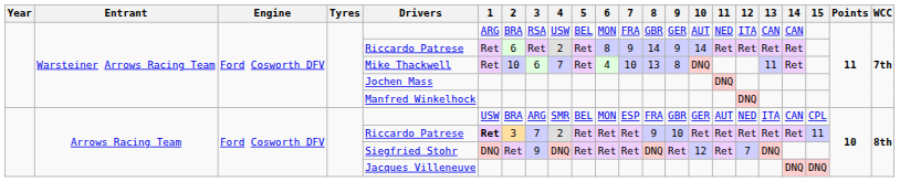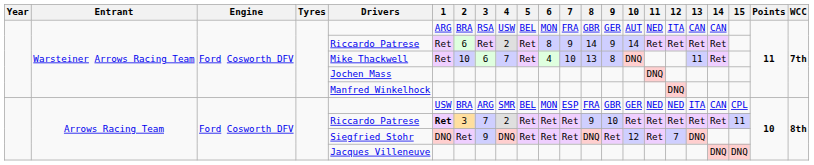 <table class="wikitable" style="text-align:center; font-size:90%">
 <tr>
 <th>Year</th>
 <th>Entrant</th>
 <th>Engine</th>
 <th>Tyres</th>
 <th>Drivers</th>
 <th>1</th>
 <th>2</th>
 <th>3</th>
 <th>4</th>
 <th>5</th>
 <th>6</th>
 <th>7</th>
 <th>8</th>
 <th>9</th>
 <th>10</th>
 <th>11</th>
 <th>12</th>
 <th>13</th>
 <th>14</th>
 <th>15</th>
 <th>Points</th>
 <th>WCC</th>
 </tr>
 <tr>
 <td rowspan="5"></td>
 <td rowspan="5"><a href='#'>Warsteiner</a>  <a href='#'>Arrows Racing Team</a></td>
 <td rowspan="5"><a href='#'>Ford</a> <a href='#'>Cosworth DFV</a></td>
 <td rowspan="5"></td>
 <td></td>
 <td><a href='#'>ARG</a></td>
 <td><a href='#'>BRA</a></td>
 <td><a href='#'>RSA</a></td>
 <td><a href='#'>USW</a></td>
 <td><a href='#'>BEL</a></td>
 <td><a href='#'>MON</a></td>
 <td><a href='#'>FRA</a></td>
 <td><a href='#'>GBR</a></td>
 <td><a href='#'>GER</a></td>
 <td><a href='#'>AUT</a></td>
 <td><a href='#'>NED</a></td>
 <td><a href='#'>ITA</a></td>
 <td><a href='#'>CAN</a></td>
 <td><a href='#'>CAN</a></td>
 <td></td>
 <td rowspan="5"><strong>11</strong></td>
 <td rowspan="5"><strong>7th</strong></td>
 </tr>
 <tr>
 <td align="left"><a href='#'>Riccardo Patrese</a></td>
 <td style="background:#EFCFFF;">Ret</td>
 <td style="background:#DFFFDF;">6</td>
 <td style="background:#EFCFFF;">Ret</td>
 <td style="background:#DFDFDF;">2</td>
 <td style="background:#EFCFFF;">Ret</td>
 <td style="background:#CFCFFF;">8</td>
 <td style="background:#CFCFFF;">9</td>
 <td style="background:#CFCFFF;">14</td>
 <td style="background:#CFCFFF;">9</td>
 <td style="background:#CFCFFF;">14</td>
 <td style="background:#EFCFFF;">Ret</td>
 <td style="background:#EFCFFF;">Ret</td>
 <td style="background:#EFCFFF;">Ret</td>
 <td style="background:#EFCFFF;">Ret</td>
 <td></td>
 </tr>
 <tr>
 <td align="left"><a href='#'>Mike Thackwell</a></td>
 <td style="background:#EFCFFF;">Ret</td>
 <td style="background:#CFCFFF;">10</td>
 <td style="background:#DFFFDF;">6</td>
 <td style="background:#CFCFFF;">7</td>
 <td style="background:#EFCFFF;">Ret</td>
 <td style="background:#DFFFDF;">4</td>
 <td style="background:#CFCFFF;">10</td>
 <td style="background:#CFCFFF;">13</td>
 <td style="background:#CFCFFF;">8</td>
 <td style="background:#FFCFCF;">DNQ</td>
 <td></td>
 <td></td>
 <td style="background:#CFCFFF;">11</td>
 <td style="background:#EFCFFF;">Ret</td>
 <td></td>
 </tr>
 <tr>
 <td align="left"><a href='#'>Jochen Mass</a></td>
 <td></td>
 <td></td>
 <td></td>
 <td></td>
 <td></td>
 <td></td>
 <td></td>
 <td></td>
 <td></td>
 <td></td>
 <td style="background:#FFCFCF;">DNQ</td>
 <td></td>
 <td></td>
 <td></td>
 <td></td>
 </tr>
 <tr>
 <td align="left"><a href='#'>Manfred Winkelhock</a></td>
 <td></td>
 <td></td>
 <td></td>
 <td></td>
 <td></td>
 <td></td>
 <td></td>
 <td></td>
 <td></td>
 <td></td>
 <td></td>
 <td style="background:#FFCFCF;">DNQ</td>
 <td></td>
 <td></td>
 <td></td>
 </tr>
 <tr>
 <td rowspan="4"></td>
 <td rowspan="4"><a href='#'>Arrows Racing Team</a></td>
 <td rowspan="4"><a href='#'>Ford</a> <a href='#'>Cosworth DFV</a></td>
 <td rowspan="4"><br></td>
 <td></td>
 <td><a href='#'>USW</a></td>
 <td><a href='#'>BRA</a></td>
 <td><a href='#'>ARG</a></td>
 <td><a href='#'>SMR</a></td>
 <td><a href='#'>BEL</a></td>
 <td><a href='#'>MON</a></td>
 <td><a href='#'>ESP</a></td>
 <td><a href='#'>FRA</a></td>
 <td><a href='#'>GBR</a></td>
 <td><a href='#'>GER</a></td>
-<td><a href='#'>AUT</a></td>
+<td><a href='#'>NED</a></td>
 <td><a href='#'>NED</a></td>
 <td><a href='#'>ITA</a></td>
 <td><a href='#'>CAN</a></td>
 <td><a href='#'>CPL</a></td>
 <td rowspan="4"><strong>10</strong></td>
 <td rowspan="4"><strong>8th</strong></td>
 </tr>
 <tr>
 <td align="left"><a href='#'>Riccardo Patrese</a></td>
 <td style="background:#EFCFFF;"><strong>Ret</strong></td>
 <td style="background:#FFDF9F;">3</td>
 <td style="background:#CFCFFF;">7</td>
 <td style="background:#DFDFDF;">2</td>
 <td style="background:#EFCFFF;">Ret</td>
 <td style="background:#EFCFFF;">Ret</td>
 <td style="background:#EFCFFF;">Ret</td>
 <td style="background:#CFCFFF;">9</td>
 <td style="background:#CFCFFF;">10</td>
 <td style="background:#EFCFFF;">Ret</td>
 <td style="background:#EFCFFF;">Ret</td>
 <td style="background:#EFCFFF;">Ret</td>
 <td style="background:#EFCFFF;">Ret</td>
 <td style="background:#EFCFFF;">Ret</td>
 <td style="background:#CFCFFF;">11</td>
 </tr>
 <tr>
 <td align="left"><a href='#'>Siegfried Stohr</a></td>
 <td style="background:#FFCFCF;">DNQ</td>
 <td style="background:#EFCFFF;">Ret</td>
 <td style="background:#CFCFFF;">9</td>
 <td style="background:#FFCFCF;">DNQ</td>
 <td style="background:#EFCFFF;">Ret</td>
 <td style="background:#EFCFFF;">Ret</td>
 <td style="background:#EFCFFF;">Ret</td>
 <td style="background:#FFCFCF;">DNQ</td>
 <td style="background:#EFCFFF;">Ret</td>
 <td style="background:#CFCFFF;">12</td>
 <td style="background:#EFCFFF;">Ret</td>
 <td style="background:#CFCFFF;">7</td>
 <td style="background:#FFCFCF;">DNQ</td>
 <td></td>
 <td></td>
 </tr>
 <tr>
 <td align="left"><a href='#'>Jacques Villeneuve</a></td>
 <td></td>
 <td></td>
 <td></td>
 <td></td>
 <td></td>
 <td></td>
 <td></td>
 <td></td>
 <td></td>
 <td></td>
 <td></td>
 <td></td>
 <td></td>
 <td style="background:#FFCFCF;">DNQ</td>
 <td style="background:#FFCFCF;">DNQ</td>
 </tr>
 </table>
